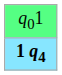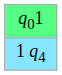 <table class="wikitable" style="text-align:center;">
 <tr>
 <td bgcolor="#55FF83" width="40"><em>q</em><sub>0</sub>1</td>
 </tr>
 <tr>
-<td bgcolor="#87E6FF" width="40"><strong>1 <em>q</em><sub>4</sub></strong></td>
+<td bgcolor="#87E6FF" width="40">1 <em>q</em><sub>4</sub></td>
 </tr>
 </table>
